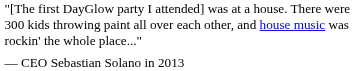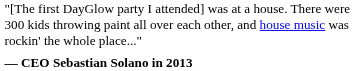 <table class="toccolours" style="float: right; margin-left: 1em; margin-right: 0em; font-size: 85%; background:offwhite; color:black; width:28em; max-width: 40%;" cellspacing="5">
 <tr>
 <td style="text-align: left;">"[The first DayGlow party I attended] was at a house. There were 300 kids throwing paint all over each other, and <a href='#'>house music</a> was rockin' the whole place..."</td>
 </tr>
 <tr>
-<td style="text-align: left;">— CEO Sebastian Solano in 2013</td>
+<td style="text-align: left;"><strong>— CEO Sebastian Solano in 2013</strong></td>
 </tr>
 </table>
